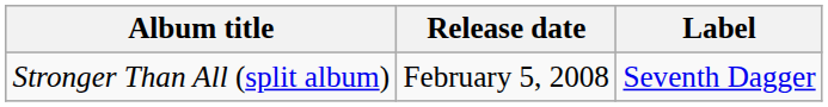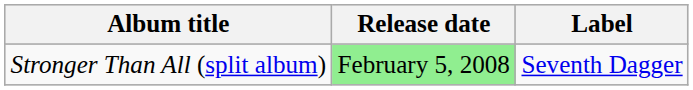 <table class="wikitable plainrowheaders" style="text-align:center;">
 <tr>
 <th>Album title</th>
 <th>Release date</th>
 <th>Label</th>
 </tr>
 <tr>
 <td><em>Stronger Than All</em> (<a href='#'>split album</a>)</td>
-<td>February 5, 2008</td>
+<td style="background: lightgreen;">February 5, 2008</td>
 <td><a href='#'>Seventh Dagger</a></td>
 </tr>
 </table>
